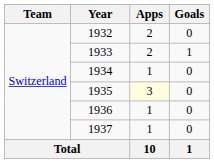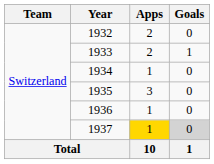 <table class="wikitable" style="text-align: center;">
 <tr>
 <th width="80">Team</th>
 <th width="70">Year</th>
 <th width="45">Apps</th>
 <th width="45">Goals</th>
 </tr>
 <tr>
 <td rowspan="6"><a href='#'>Switzerland</a></td>
 <td>1932</td>
 <td>2</td>
 <td>0</td>
 </tr>
 <tr>
 <td>1933</td>
 <td>2</td>
 <td>1</td>
 </tr>
 <tr>
 <td>1934</td>
 <td>1</td>
 <td>0</td>
 </tr>
 <tr>
 <td>1935</td>
-<td style="background: lightyellow;">3</td>
+<td>3</td>
 <td>0</td>
 </tr>
 <tr>
 <td>1936</td>
 <td>1</td>
 <td>0</td>
 </tr>
 <tr>
 <td>1937</td>
-<td>1</td>
-<td>0</td>
+<td style="background: gold;">1</td>
+<td style="background: lightgrey;">0</td>
 </tr>
 <tr>
 <th colspan=2>Total</th>
 <th>10</th>
 <th>1</th>
 </tr>
 </table>
